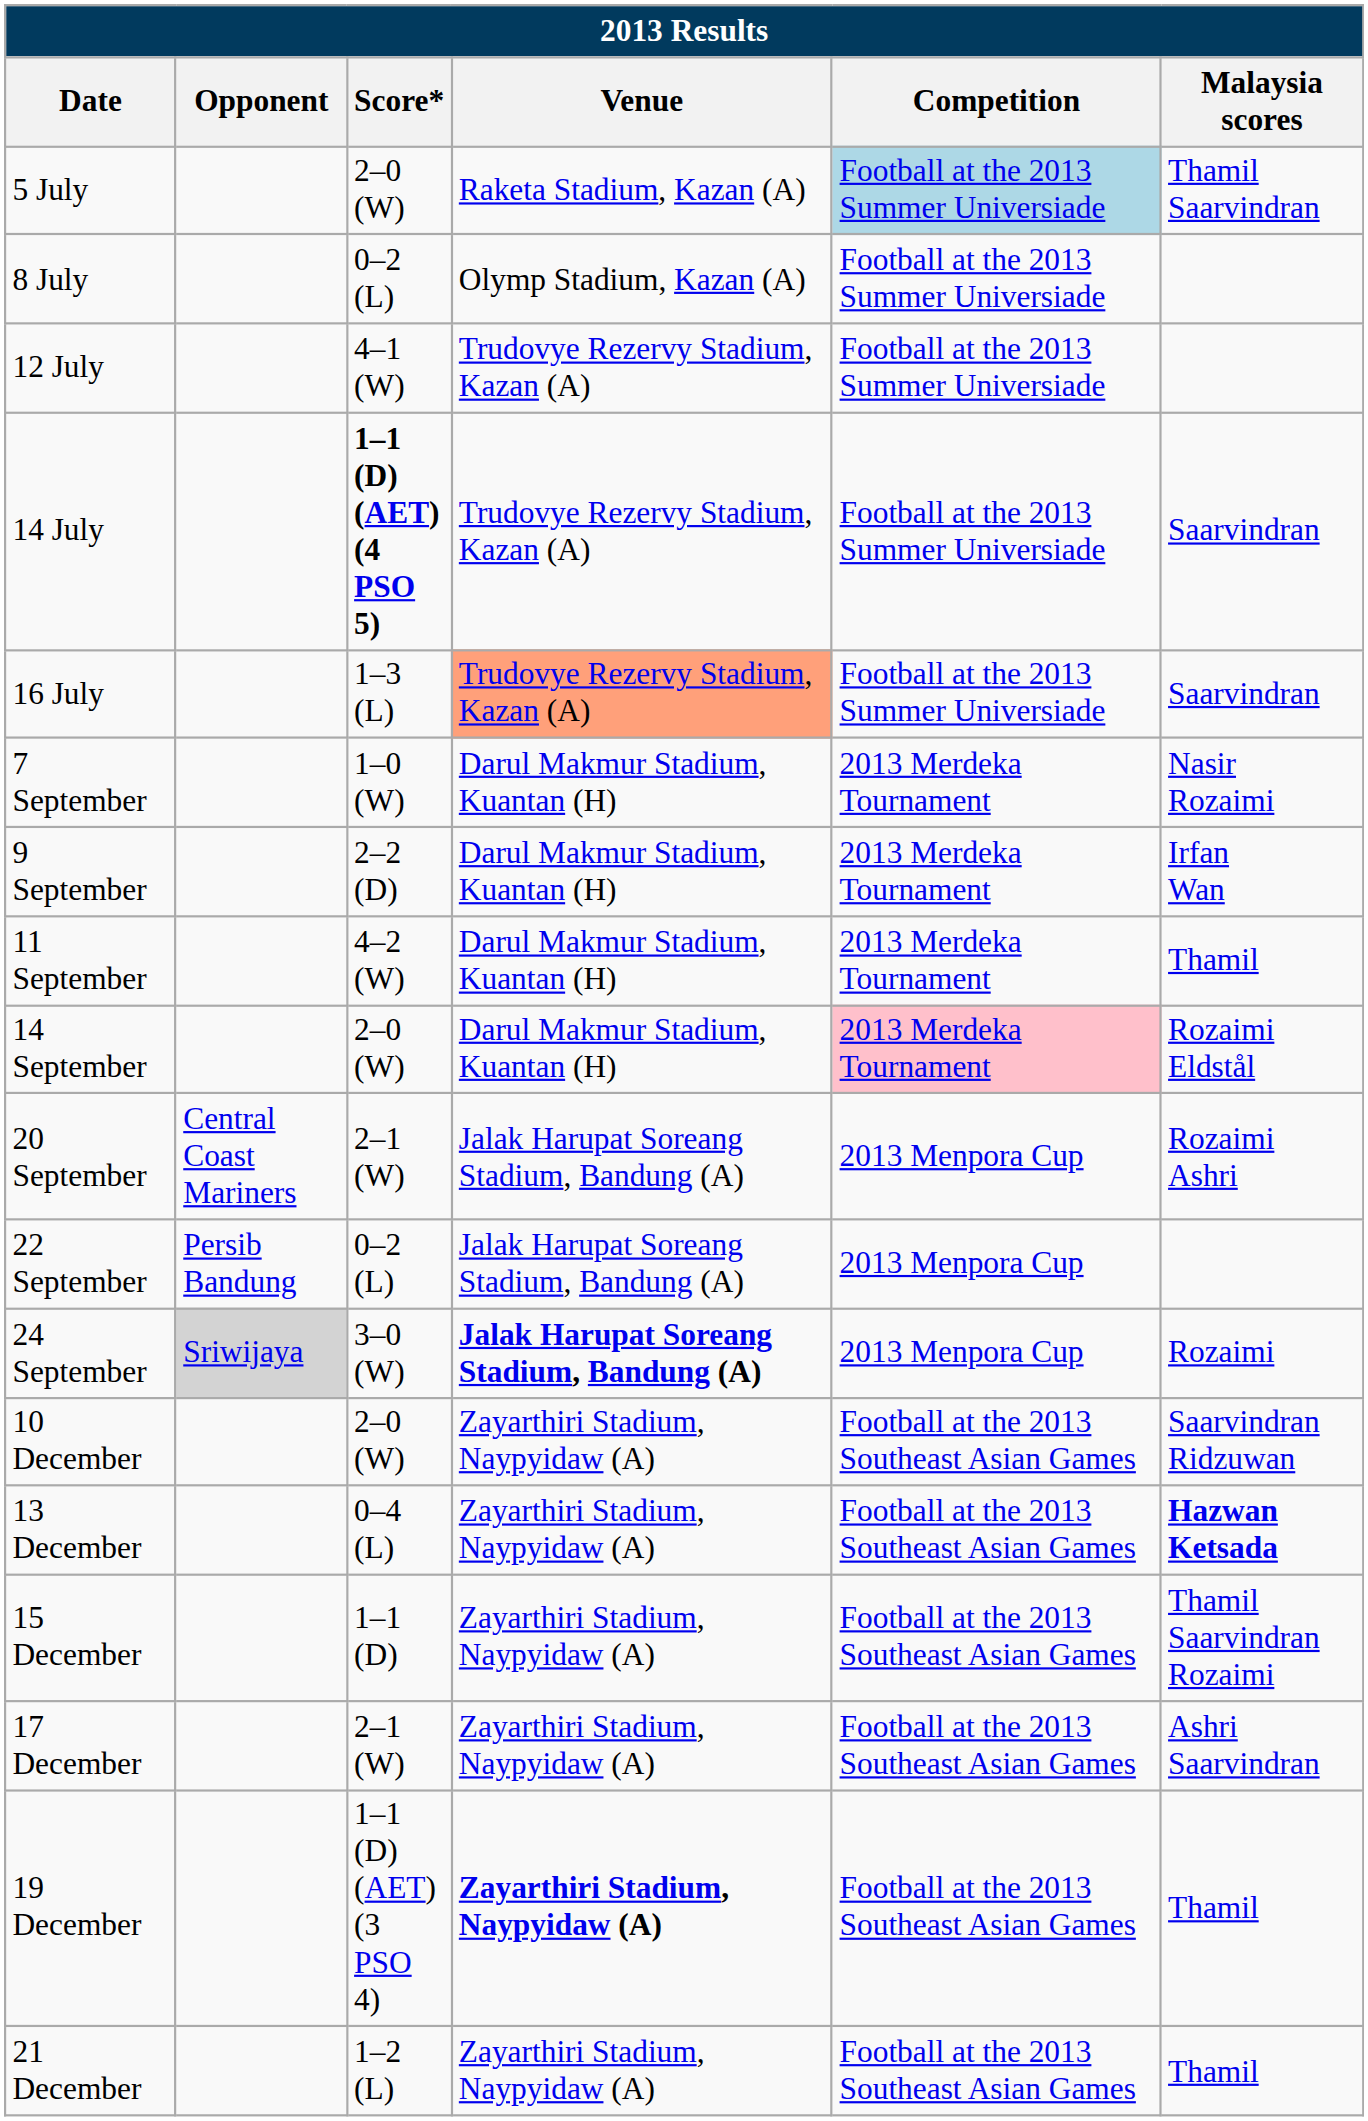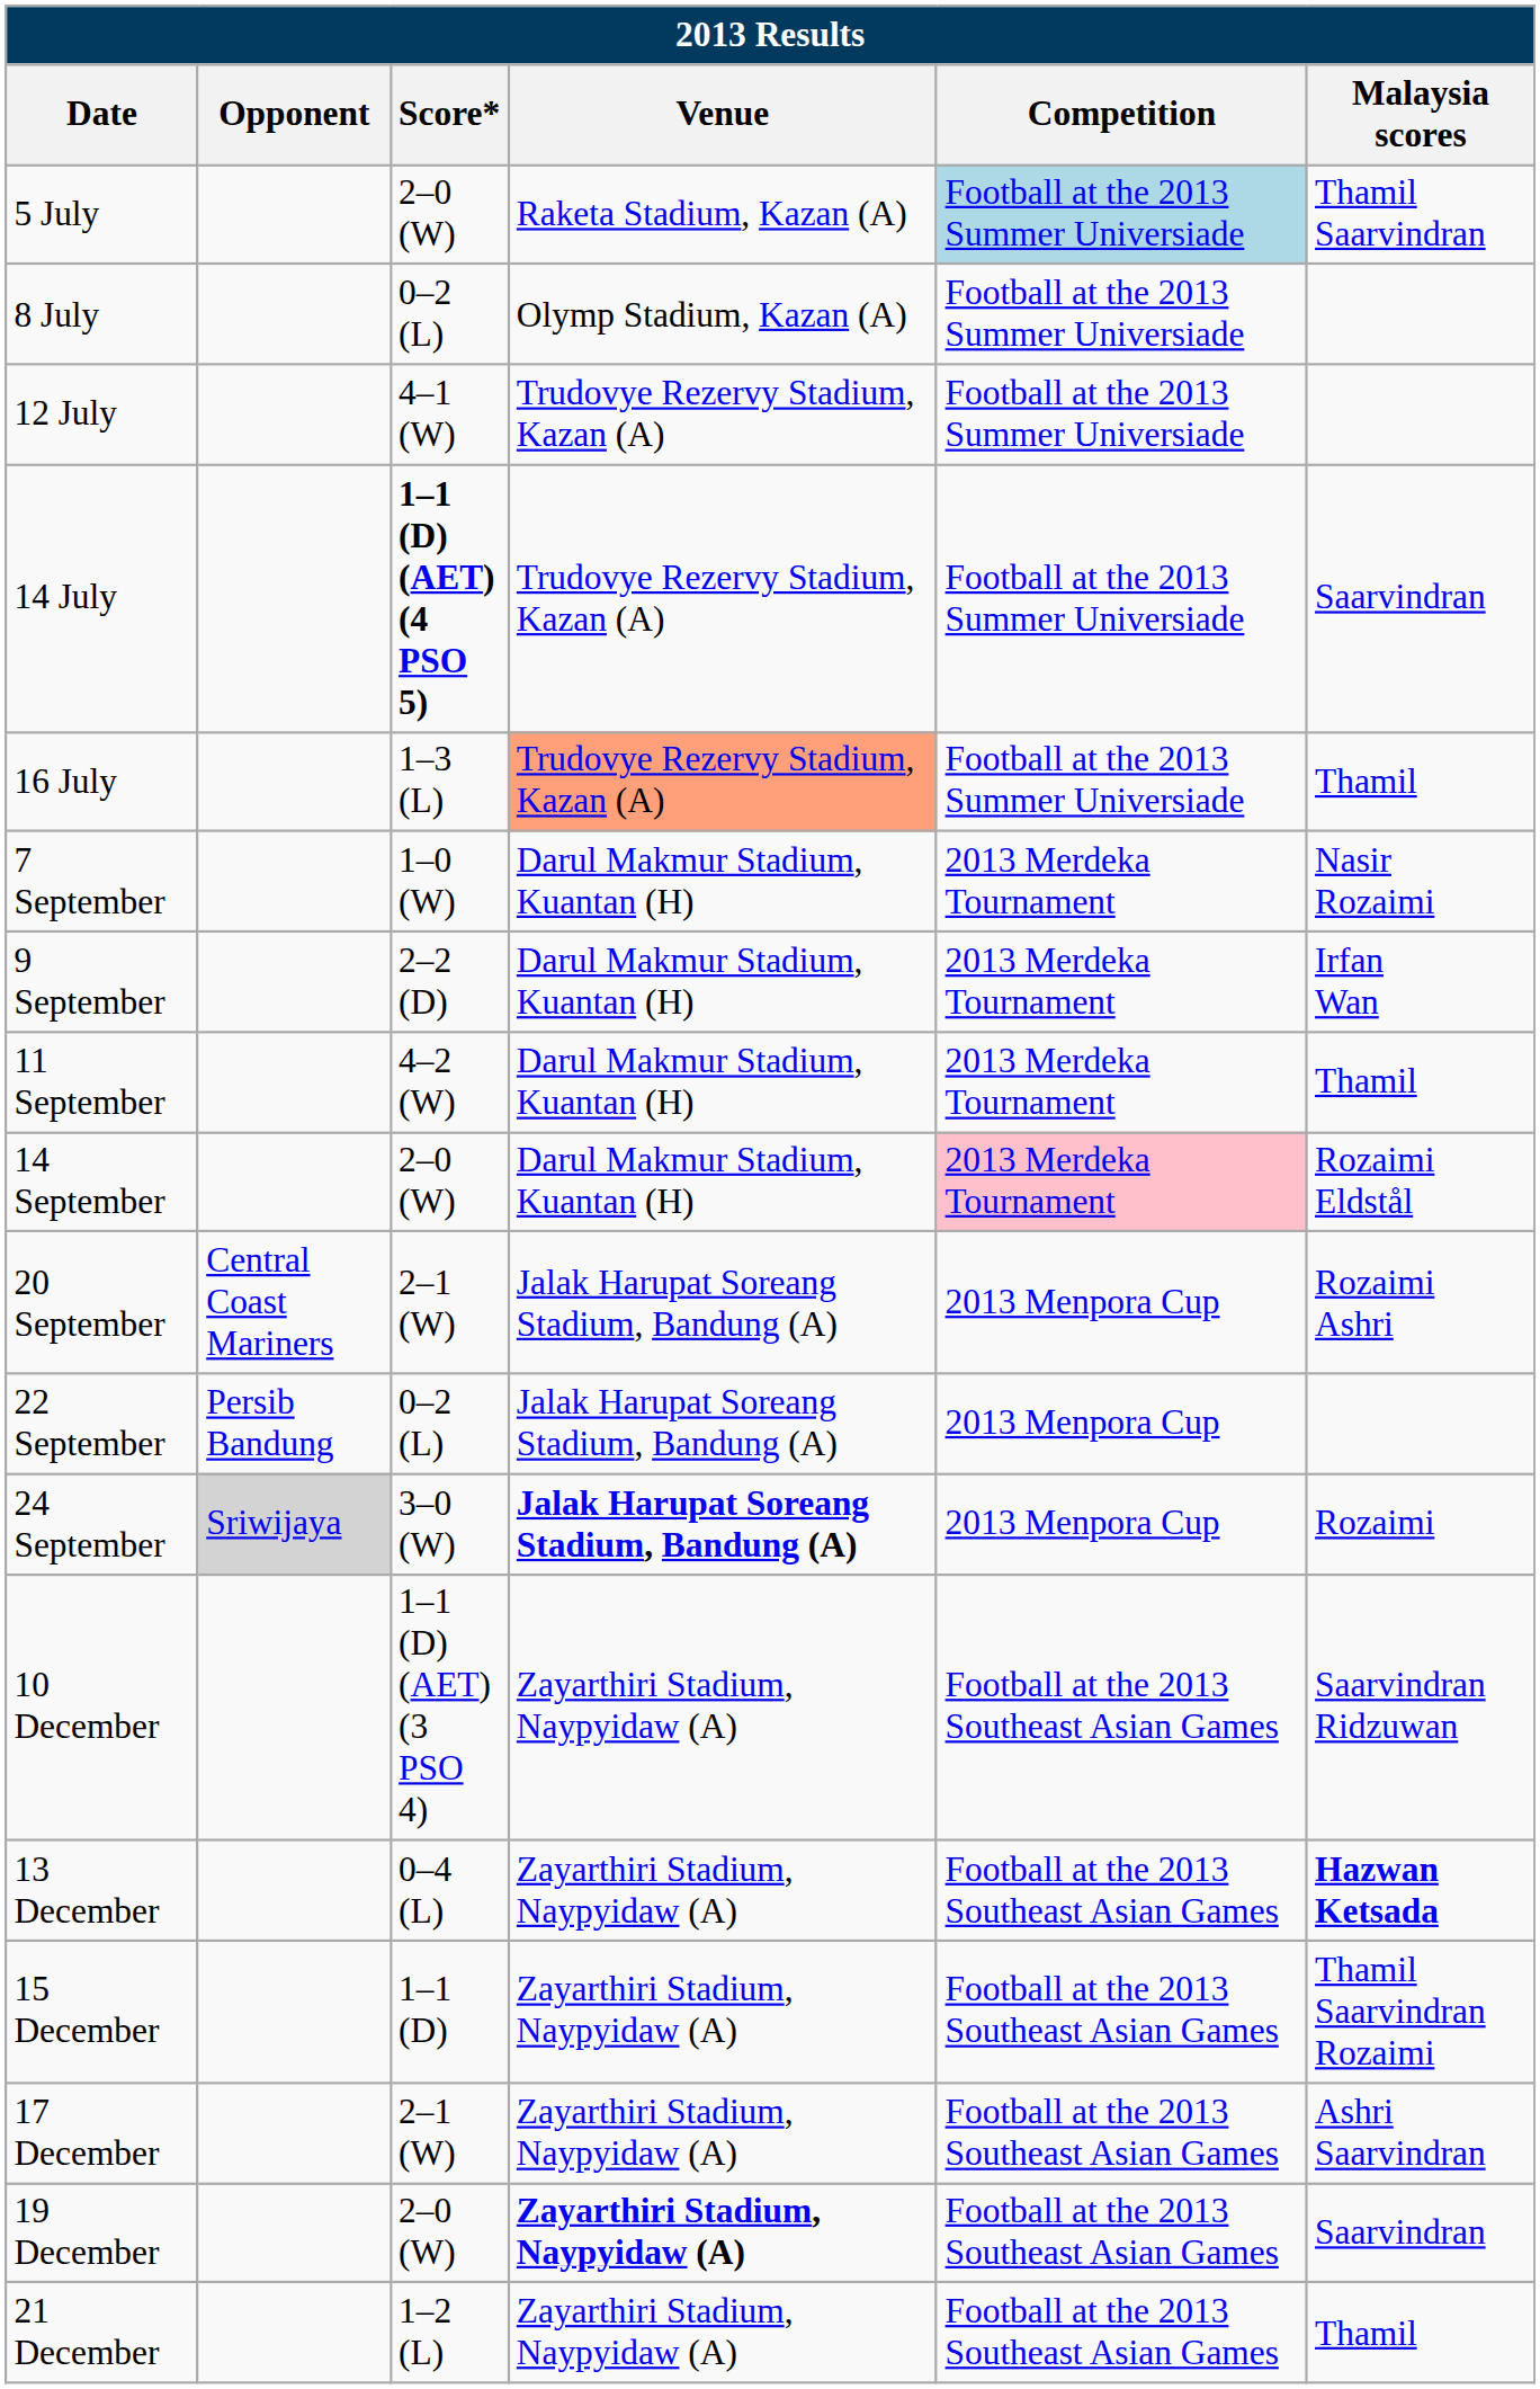 <table class="wikitable" width=100% style="text-align:left;font-size:90%;">
 <tr>
 <th colspan=9 style="background: #013A5E; color: #FFFFFF;">2013 Results</th>
 </tr>
 <tr>
 <th width=80>Date</th>
 <th width=80>Opponent</th>
 <th width=20>Score*</th>
 <th width=250>Venue</th>
 <th width=200>Competition</th>
 <th width=100>Malaysia scores</th>
 </tr>
 <tr>
 <td>5 July</td>
 <td></td>
 <td>2–0 (W)</td>
 <td><a href='#'>Raketa Stadium</a>, <a href='#'>Kazan</a> (A)</td>
 <td style="background: lightblue;"><a href='#'>Football at the 2013 Summer Universiade</a></td>
 <td><a href='#'>Thamil</a> <br><a href='#'>Saarvindran</a> </td>
 </tr>
 <tr>
 <td>8 July</td>
 <td></td>
 <td>0–2 (L)</td>
 <td>Olymp Stadium, <a href='#'>Kazan</a> (A)</td>
 <td><a href='#'>Football at the 2013 Summer Universiade</a></td>
 <td></td>
 </tr>
 <tr>
 <td>12 July</td>
 <td></td>
 <td>4–1 (W)</td>
 <td><a href='#'>Trudovye Rezervy Stadium</a>, <a href='#'>Kazan</a> (A)</td>
 <td><a href='#'>Football at the 2013 Summer Universiade</a></td>
 <td></td>
 </tr>
 <tr>
 <td>14 July</td>
 <td></td>
 <td><strong>1–1 (D) (<a href='#'>AET</a>)<br>(4 <a href='#'>PSO</a> 5)</strong></td>
 <td><a href='#'>Trudovye Rezervy Stadium</a>, <a href='#'>Kazan</a> (A)</td>
 <td><a href='#'>Football at the 2013 Summer Universiade</a></td>
 <td><a href='#'>Saarvindran</a> </td>
 </tr>
 <tr>
 <td>16 July</td>
 <td></td>
 <td>1–3 (L)</td>
 <td style="background: lightsalmon;"><a href='#'>Trudovye Rezervy Stadium</a>, <a href='#'>Kazan</a> (A)</td>
 <td><a href='#'>Football at the 2013 Summer Universiade</a></td>
-<td><a href='#'>Saarvindran</a> </td>
+<td><a href='#'>Thamil</a> </td>
 </tr>
 <tr>
 <td>7 September</td>
 <td></td>
 <td>1–0 (W)</td>
 <td><a href='#'>Darul Makmur Stadium</a>, <a href='#'>Kuantan</a> (H)</td>
 <td><a href='#'>2013 Merdeka Tournament</a></td>
 <td><a href='#'>Nasir</a> <br><a href='#'>Rozaimi</a> </td>
 </tr>
 <tr>
 <td>9 September</td>
 <td></td>
 <td>2–2 (D)</td>
 <td><a href='#'>Darul Makmur Stadium</a>, <a href='#'>Kuantan</a> (H)</td>
 <td><a href='#'>2013 Merdeka Tournament</a></td>
 <td><a href='#'>Irfan</a> <br><a href='#'>Wan</a> </td>
 </tr>
 <tr>
 <td>11 September</td>
 <td></td>
 <td>4–2 (W)</td>
 <td><a href='#'>Darul Makmur Stadium</a>, <a href='#'>Kuantan</a> (H)</td>
 <td><a href='#'>2013 Merdeka Tournament</a></td>
 <td><a href='#'>Thamil</a> </td>
 </tr>
 <tr>
 <td>14 September</td>
 <td></td>
 <td>2–0 (W)</td>
 <td><a href='#'>Darul Makmur Stadium</a>, <a href='#'>Kuantan</a> (H)</td>
 <td style="background: pink;"><a href='#'>2013 Merdeka Tournament</a></td>
 <td><a href='#'>Rozaimi</a> <br><a href='#'>Eldstål</a> </td>
 </tr>
 <tr>
 <td>20 September</td>
 <td> <a href='#'>Central Coast Mariners</a></td>
 <td>2–1 (W)</td>
 <td><a href='#'>Jalak Harupat Soreang Stadium</a>, <a href='#'>Bandung</a> (A)</td>
 <td><a href='#'>2013 Menpora Cup</a></td>
 <td><a href='#'>Rozaimi</a> <br><a href='#'>Ashri</a> </td>
 </tr>
 <tr>
 <td>22 September</td>
 <td> <a href='#'>Persib Bandung</a></td>
 <td>0–2 (L)</td>
 <td><a href='#'>Jalak Harupat Soreang Stadium</a>, <a href='#'>Bandung</a> (A)</td>
 <td><a href='#'>2013 Menpora Cup</a></td>
 <td></td>
 </tr>
 <tr>
 <td>24 September</td>
 <td style="background: lightgrey;"> <a href='#'>Sriwijaya</a></td>
 <td>3–0 (W)</td>
 <td><strong><a href='#'>Jalak Harupat Soreang Stadium</a>, <a href='#'>Bandung</a> (A)</strong></td>
 <td><a href='#'>2013 Menpora Cup</a></td>
 <td><a href='#'>Rozaimi</a> </td>
 </tr>
 <tr>
 <td>10 December</td>
 <td></td>
-<td>2–0 (W)</td>
+<td>1–1 (D) (<a href='#'>AET</a>)<br>(3 <a href='#'>PSO</a> 4)</td>
 <td><a href='#'>Zayarthiri Stadium</a>, <a href='#'>Naypyidaw</a> (A)</td>
 <td><a href='#'>Football at the 2013 Southeast Asian Games</a></td>
 <td><a href='#'>Saarvindran</a> <br><a href='#'>Ridzuwan</a> </td>
 </tr>
 <tr>
 <td>13 December</td>
 <td></td>
 <td>0–4 (L)</td>
 <td><a href='#'>Zayarthiri Stadium</a>, <a href='#'>Naypyidaw</a> (A)</td>
 <td><a href='#'>Football at the 2013 Southeast Asian Games</a></td>
 <td><strong><a href='#'>Hazwan</a> <br><a href='#'>Ketsada</a> </strong></td>
 </tr>
 <tr>
 <td>15 December</td>
 <td></td>
 <td>1–1 (D)</td>
 <td><a href='#'>Zayarthiri Stadium</a>, <a href='#'>Naypyidaw</a> (A)</td>
 <td><a href='#'>Football at the 2013 Southeast Asian Games</a></td>
 <td><a href='#'>Thamil</a> <br><a href='#'>Saarvindran</a>  <br><a href='#'>Rozaimi</a> </td>
 </tr>
 <tr>
 <td>17 December</td>
 <td></td>
 <td>2–1 (W)</td>
 <td><a href='#'>Zayarthiri Stadium</a>, <a href='#'>Naypyidaw</a> (A)</td>
 <td><a href='#'>Football at the 2013 Southeast Asian Games</a></td>
 <td><a href='#'>Ashri</a> <br><a href='#'>Saarvindran</a> </td>
 </tr>
 <tr>
 <td>19 December</td>
 <td></td>
-<td>1–1 (D) (<a href='#'>AET</a>)<br>(3 <a href='#'>PSO</a> 4)</td>
+<td>2–0 (W)</td>
 <td><strong><a href='#'>Zayarthiri Stadium</a>, <a href='#'>Naypyidaw</a> (A)</strong></td>
 <td><a href='#'>Football at the 2013 Southeast Asian Games</a></td>
-<td><a href='#'>Thamil</a> </td>
+<td><a href='#'>Saarvindran</a> </td>
 </tr>
 <tr>
 <td>21 December</td>
 <td></td>
 <td>1–2 (L)</td>
 <td><a href='#'>Zayarthiri Stadium</a>, <a href='#'>Naypyidaw</a> (A)</td>
 <td><a href='#'>Football at the 2013 Southeast Asian Games</a></td>
 <td><a href='#'>Thamil</a> </td>
 </tr>
 </table>
